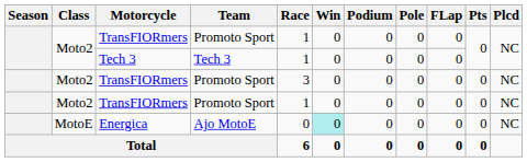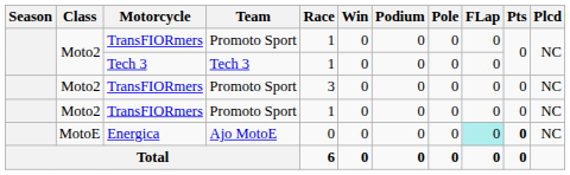 <table class="wikitable" style="text-align:right;">
 <tr>
 <th>Season</th>
 <th>Class</th>
 <th>Motorcycle</th>
 <th>Team</th>
 <th>Race</th>
 <th>Win</th>
 <th>Podium</th>
 <th>Pole</th>
 <th>FLap</th>
 <th>Pts</th>
 <th>Plcd</th>
 </tr>
 <tr>
 <th rowspan="2"></th>
 <td rowspan="2">Moto2</td>
 <td style="text-align:left;"><a href='#'>TransFIORmers</a></td>
 <td style="text-align:left;">Promoto Sport</td>
 <td>1</td>
 <td>0</td>
 <td>0</td>
 <td>0</td>
 <td>0</td>
 <td rowspan="2">0</td>
 <td rowspan="2">NC</td>
 </tr>
 <tr>
 <td style="text-align:left;"><a href='#'>Tech 3</a></td>
 <td style="text-align:left;"><a href='#'>Tech 3</a></td>
 <td>1</td>
 <td>0</td>
 <td>0</td>
 <td>0</td>
 <td>0</td>
 </tr>
 <tr>
 <th></th>
 <td>Moto2</td>
 <td style="text-align:left;"><a href='#'>TransFIORmers</a></td>
 <td style="text-align:left;">Promoto Sport</td>
 <td>3</td>
 <td>0</td>
 <td>0</td>
 <td>0</td>
 <td>0</td>
 <td>0</td>
 <td>NC</td>
 </tr>
 <tr>
 <th></th>
 <td>Moto2</td>
 <td style="text-align:left;"><a href='#'>TransFIORmers</a></td>
 <td style="text-align:left;">Promoto Sport</td>
 <td>1</td>
 <td>0</td>
 <td>0</td>
 <td>0</td>
 <td>0</td>
 <td>0</td>
 <td>NC</td>
 </tr>
 <tr>
 <th></th>
 <td>MotoE</td>
 <td style="text-align:left;"><a href='#'>Energica</a></td>
 <td style="text-align:left;"><a href='#'>Ajo MotoE</a></td>
 <td>0</td>
-<td style="background: paleturquoise;">0</td>
 <td>0</td>
 <td>0</td>
 <td>0</td>
-<td>0</td>
+<td style="background: paleturquoise;">0</td>
+<td><strong>0</strong></td>
 <td>NC</td>
 </tr>
 <tr>
 <th colspan="4">Total</th>
 <td><strong>6</strong></td>
 <td><strong>0</strong></td>
 <td><strong>0</strong></td>
 <td><strong>0</strong></td>
 <td><strong>0</strong></td>
 <td><strong>0</strong></td>
 <td></td>
 </tr>
 </table>
